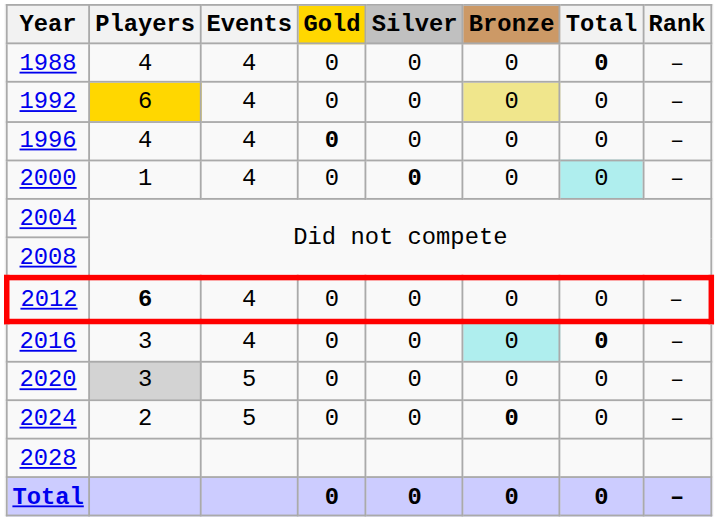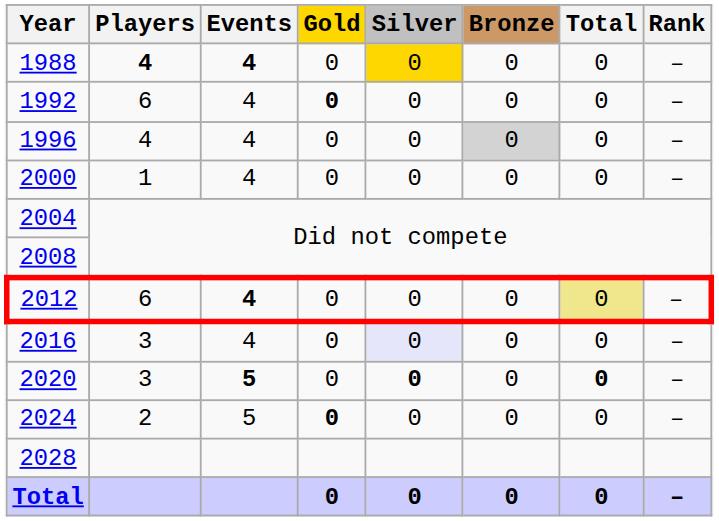 <table class="wikitable sortable collapsible collapsed">
 <tr>
 <th>Year</th>
 <th>Players</th>
 <th>Events</th>
 <th style="text-align:center; background-color:gold;"><strong>Gold</strong></th>
 <th style="text-align:center; background-color:silver;"><strong>Silver</strong></th>
 <th style="text-align:center; background-color:#c96;"><strong>Bronze</strong></th>
 <th>Total</th>
 <th>Rank</th>
 </tr>
 <tr style="text-align:center">
 <td><a href='#'>1988</a></td>
-<td>4</td>
-<td>4</td>
+<td><strong>4</strong></td>
+<td><strong>4</strong></td>
+<td>0</td>
+<td style="background: gold;">0</td>
 <td>0</td>
 <td>0</td>
-<td>0</td>
-<td><strong>0</strong></td>
 <td>–</td>
 </tr>
 <tr style="text-align:center">
 <td><a href='#'>1992</a></td>
-<td style="background: gold;">6</td>
-<td>4</td>
-<td>0</td>
-<td>0</td>
-<td style="background: khaki;">0</td>
-<td>0</td>
-<td>–</td>
-</tr>
-<tr style="text-align:center">
-<td><a href='#'>1996</a></td>
-<td>4</td>
+<td>6</td>
 <td>4</td>
 <td><strong>0</strong></td>
 <td>0</td>
 <td>0</td>
 <td>0</td>
 <td>–</td>
 </tr>
 <tr style="text-align:center">
+<td><a href='#'>1996</a></td>
+<td>4</td>
+<td>4</td>
+<td>0</td>
+<td>0</td>
+<td style="background: lightgrey;">0</td>
+<td>0</td>
+<td>–</td>
+</tr>
+<tr style="text-align:center">
 <td><a href='#'>2000</a></td>
 <td>1</td>
 <td>4</td>
 <td>0</td>
-<td><strong>0</strong></td>
 <td>0</td>
-<td style="background: paleturquoise;">0</td>
+<td>0</td>
+<td>0</td>
 <td>–</td>
 </tr>
 <tr style="text-align:center">
 <td><a href='#'>2004</a></td>
 <td colspan=7 rowspan=2>Did not compete</td>
 </tr>
 <tr style="text-align:center">
 <td><a href='#'>2008</a></td>
 </tr>
 <tr style="text-align:center;border: 3px solid red">
 <td><a href='#'>2012</a></td>
-<td><strong>6</strong></td>
-<td>4</td>
+<td>6</td>
+<td><strong>4</strong></td>
 <td>0</td>
 <td>0</td>
 <td>0</td>
-<td>0</td>
+<td style="background: khaki;">0</td>
 <td>–</td>
 </tr>
 <tr style="text-align:center">
 <td><a href='#'>2016</a></td>
 <td>3</td>
 <td>4</td>
 <td>0</td>
+<td style="background: lavender;">0</td>
 <td>0</td>
-<td style="background: paleturquoise;">0</td>
-<td><strong>0</strong></td>
+<td>0</td>
 <td>–</td>
 </tr>
 <tr style="text-align:center">
 <td><a href='#'>2020</a></td>
-<td style="background: lightgrey;">3</td>
-<td>5</td>
+<td>3</td>
+<td><strong>5</strong></td>
 <td>0</td>
+<td><strong>0</strong></td>
 <td>0</td>
-<td>0</td>
-<td>0</td>
+<td><strong>0</strong></td>
 <td>–</td>
 </tr>
 <tr style="text-align:center">
 <td><a href='#'>2024</a></td>
 <td>2</td>
 <td>5</td>
+<td><strong>0</strong></td>
 <td>0</td>
 <td>0</td>
-<td><strong>0</strong></td>
 <td>0</td>
 <td>–</td>
 </tr>
 <tr style="text-align:center">
 <td><a href='#'>2028</a></td>
 <td></td>
 <td></td>
 <td></td>
 <td></td>
 <td></td>
 <td></td>
 <td></td>
 </tr>
 <tr style="text-align:center; background-color:#ccf;">
 <td><strong><a href='#'>Total</a></strong></td>
 <td></td>
 <td></td>
 <td><strong>0</strong></td>
 <td><strong>0</strong></td>
 <td><strong>0</strong></td>
 <td><strong>0</strong></td>
 <td><strong>–</strong></td>
 </tr>
 </table>
